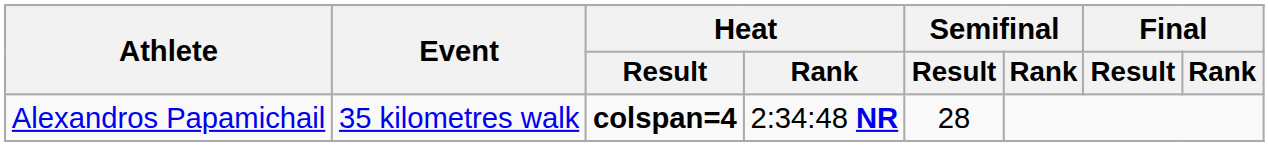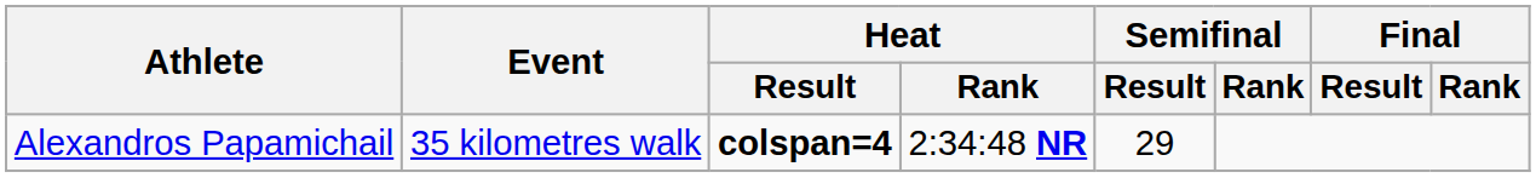 <table class="wikitable" style="font-size:90%">
 <tr>
 <th rowspan="2">Athlete</th>
 <th rowspan="2">Event</th>
 <th colspan="2">Heat</th>
 <th colspan="2">Semifinal</th>
 <th colspan="2">Final</th>
 </tr>
 <tr style="font-size:95%">
 <th>Result</th>
 <th>Rank</th>
 <th>Result</th>
 <th>Rank</th>
 <th>Result</th>
 <th>Rank</th>
 </tr>
 <tr style=text-align:center>
 <td style=text-align:left><a href='#'>Alexandros Papamichail</a></td>
 <td style=text-align:left><a href='#'>35 kilometres walk</a></td>
 <td><strong>colspan=4 </strong></td>
 <td>2:34:48 <strong><a href='#'>NR</a></strong></td>
-<td>28</td>
+<td>29</td>
 </tr>
 </table>
